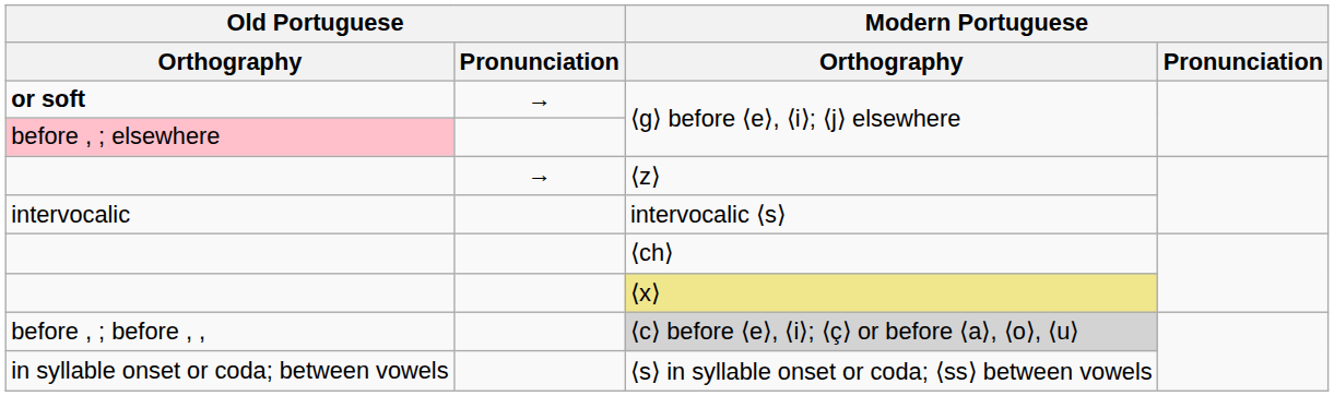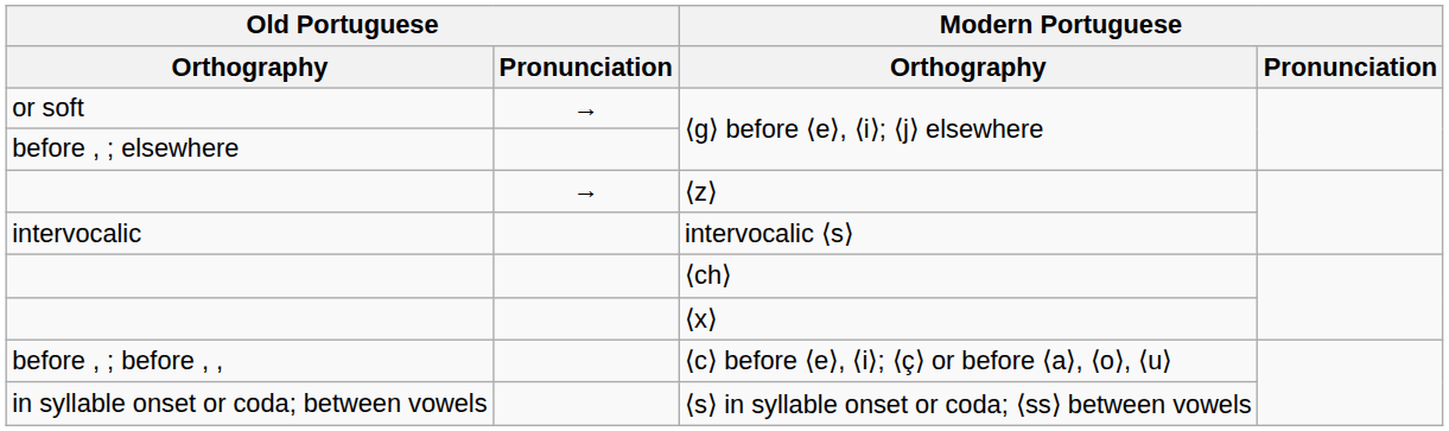 <table class="wikitable" style="margin: 1em 1em 1em 2em;">
 <tr>
 <th colspan="2">Old Portuguese</th>
 <th colspan="2">Modern Portuguese</th>
 </tr>
 <tr>
 <th>Orthography</th>
 <th>Pronunciation</th>
 <th>Orthography</th>
 <th>Pronunciation</th>
 </tr>
 <tr>
-<td><strong> or soft </strong></td>
+<td> or soft </td>
 <td align="center"> → </td>
 <td rowspan="2">⟨g⟩ before ⟨e⟩, ⟨i⟩; ⟨j⟩ elsewhere</td>
 <td rowspan="2"></td>
 </tr>
 <tr>
-<td style="background: pink;"> before , ;  elsewhere</td>
+<td> before , ;  elsewhere</td>
 <td align="center"></td>
 </tr>
 <tr>
 <td></td>
 <td align="center"> → </td>
 <td>⟨z⟩</td>
 <td rowspan="2"></td>
 </tr>
 <tr>
 <td>intervocalic </td>
 <td align="center"></td>
 <td>intervocalic ⟨s⟩</td>
 </tr>
 <tr>
 <td></td>
 <td align="center"></td>
 <td>⟨ch⟩</td>
 <td rowspan="2"></td>
 </tr>
 <tr>
 <td></td>
 <td align="center"></td>
-<td style="background: khaki;">⟨x⟩</td>
+<td>⟨x⟩</td>
 </tr>
 <tr>
 <td> before , ;  before , , </td>
 <td align="center"></td>
-<td style="background: lightgrey;">⟨c⟩ before ⟨e⟩, ⟨i⟩; ⟨ç⟩ or    before ⟨a⟩, ⟨o⟩, ⟨u⟩</td>
+<td>⟨c⟩ before ⟨e⟩, ⟨i⟩; ⟨ç⟩ or    before ⟨a⟩, ⟨o⟩, ⟨u⟩</td>
 <td rowspan="2"></td>
 </tr>
 <tr>
 <td> in syllable onset or coda;  between vowels</td>
 <td align="center"></td>
 <td>⟨s⟩ in syllable onset or coda; ⟨ss⟩ between vowels</td>
 </tr>
 </table>
